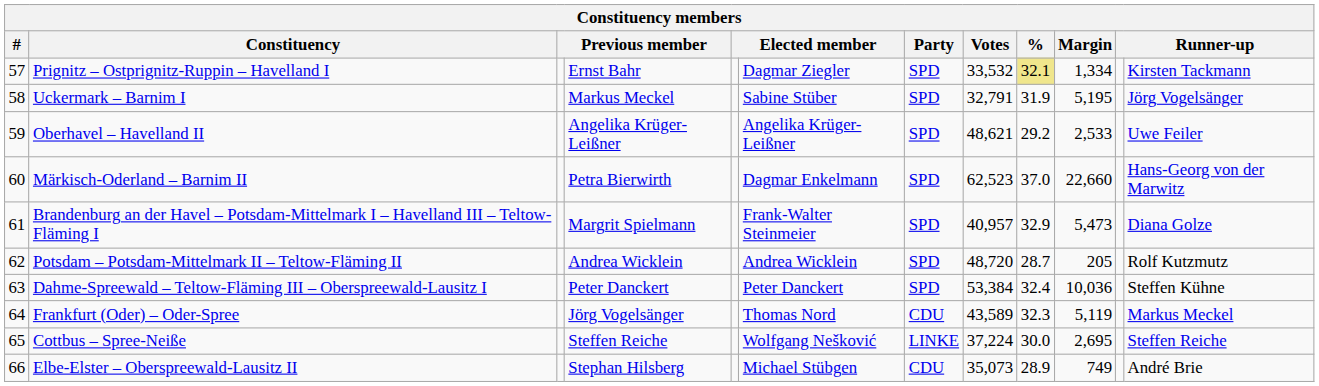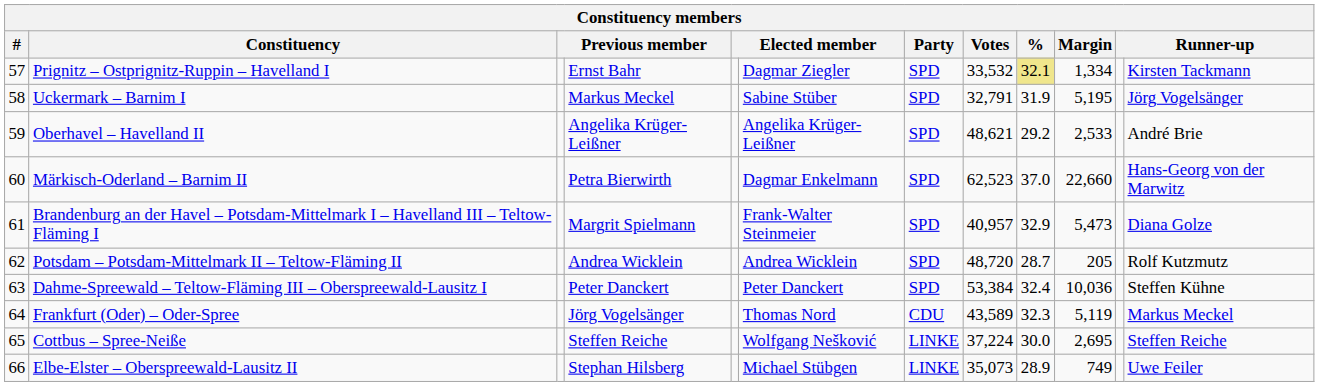 <table class="wikitable sortable" style="text-align:right">
 <tr>
 <th colspan="12">Constituency members</th>
 </tr>
 <tr>
 <th>#</th>
 <th>Constituency</th>
 <th colspan="2">Previous member</th>
 <th colspan="2">Elected member</th>
 <th>Party</th>
 <th>Votes</th>
 <th>%</th>
 <th>Margin</th>
 <th colspan="2">Runner-up</th>
 </tr>
 <tr>
 <td>57</td>
 <td align=left><a href='#'>Prignitz – Ostprignitz-Ruppin – Havelland I</a></td>
 <td bgcolor=></td>
 <td align=left><a href='#'>Ernst Bahr</a></td>
 <td bgcolor=></td>
 <td align=left><a href='#'>Dagmar Ziegler</a></td>
 <td align=left><a href='#'>SPD</a></td>
 <td>33,532</td>
 <td style="background: khaki;">32.1</td>
 <td>1,334</td>
 <td bgcolor=></td>
 <td align=left><a href='#'>Kirsten Tackmann</a></td>
 </tr>
 <tr>
 <td>58</td>
 <td align=left><a href='#'>Uckermark – Barnim I</a></td>
 <td bgcolor=></td>
 <td align=left><a href='#'>Markus Meckel</a></td>
 <td bgcolor=></td>
 <td align=left><a href='#'>Sabine Stüber</a></td>
 <td align="left"><a href='#'>SPD</a></td>
 <td>32,791</td>
 <td>31.9</td>
 <td>5,195</td>
 <td bgcolor=></td>
 <td align=left><a href='#'>Jörg Vogelsänger</a></td>
 </tr>
 <tr>
 <td>59</td>
 <td align=left><a href='#'>Oberhavel – Havelland II</a></td>
 <td bgcolor=></td>
 <td align=left><a href='#'>Angelika Krüger-Leißner</a></td>
 <td></td>
 <td align=left><a href='#'>Angelika Krüger-Leißner</a></td>
 <td align="left"><a href='#'>SPD</a></td>
 <td>48,621</td>
 <td>29.2</td>
 <td>2,533</td>
 <td bgcolor=></td>
-<td align=left><a href='#'>Uwe Feiler</a></td>
+<td align=left>André Brie</td>
 </tr>
 <tr>
 <td>60</td>
 <td align=left><a href='#'>Märkisch-Oderland – Barnim II</a></td>
 <td bgcolor=></td>
 <td align=left><a href='#'>Petra Bierwirth</a></td>
 <td bgcolor=></td>
 <td align=left><a href='#'>Dagmar Enkelmann</a></td>
 <td align=left><a href='#'>SPD</a></td>
 <td>62,523</td>
 <td>37.0</td>
 <td>22,660</td>
 <td bgcolor=></td>
 <td align=left><a href='#'>Hans-Georg von der Marwitz</a></td>
 </tr>
 <tr>
 <td>61</td>
 <td align=left><a href='#'>Brandenburg an der Havel – Potsdam-Mittelmark I – Havelland III – Teltow-Fläming I</a></td>
 <td bgcolor=></td>
 <td align=left><a href='#'>Margrit Spielmann</a></td>
 <td></td>
 <td align=left><a href='#'>Frank-Walter Steinmeier</a></td>
 <td align=left><a href='#'>SPD</a></td>
 <td>40,957</td>
 <td>32.9</td>
 <td>5,473</td>
 <td bgcolor=></td>
 <td align=left><a href='#'>Diana Golze</a></td>
 </tr>
 <tr>
 <td>62</td>
 <td align=left><a href='#'>Potsdam – Potsdam-Mittelmark II – Teltow-Fläming II</a></td>
 <td bgcolor=></td>
 <td align=left><a href='#'>Andrea Wicklein</a></td>
 <td></td>
 <td align=left><a href='#'>Andrea Wicklein</a></td>
 <td align="left"><a href='#'>SPD</a></td>
 <td>48,720</td>
 <td>28.7</td>
 <td>205</td>
 <td bgcolor=></td>
 <td align=left>Rolf Kutzmutz</td>
 </tr>
 <tr>
 <td>63</td>
 <td align=left><a href='#'>Dahme-Spreewald – Teltow-Fläming III – Oberspreewald-Lausitz I</a></td>
 <td bgcolor=></td>
 <td align=left><a href='#'>Peter Danckert</a></td>
 <td bgcolor=></td>
 <td align=left><a href='#'>Peter Danckert</a></td>
 <td align=left><a href='#'>SPD</a></td>
 <td>53,384</td>
 <td>32.4</td>
 <td>10,036</td>
 <td bgcolor=></td>
 <td align=left>Steffen Kühne</td>
 </tr>
 <tr>
 <td>64</td>
 <td align=left><a href='#'>Frankfurt (Oder) – Oder-Spree</a></td>
 <td bgcolor=></td>
 <td align=left><a href='#'>Jörg Vogelsänger</a></td>
 <td></td>
 <td align=left><a href='#'>Thomas Nord</a></td>
 <td align="left"><a href='#'>CDU</a></td>
 <td>43,589</td>
 <td>32.3</td>
 <td>5,119</td>
 <td bgcolor=></td>
 <td align=left><a href='#'>Markus Meckel</a></td>
 </tr>
 <tr>
 <td>65</td>
 <td align=left><a href='#'>Cottbus – Spree-Neiße</a></td>
 <td bgcolor=></td>
 <td align=left><a href='#'>Steffen Reiche</a></td>
 <td bgcolor=></td>
 <td align=left><a href='#'>Wolfgang Nešković</a></td>
 <td align=left><a href='#'>LINKE</a></td>
 <td>37,224</td>
 <td>30.0</td>
 <td>2,695</td>
 <td bgcolor=></td>
 <td align=left><a href='#'>Steffen Reiche</a></td>
 </tr>
 <tr>
 <td>66</td>
 <td align=left><a href='#'>Elbe-Elster – Oberspreewald-Lausitz II</a></td>
 <td bgcolor=></td>
 <td align=left><a href='#'>Stephan Hilsberg</a></td>
 <td></td>
 <td align=left><a href='#'>Michael Stübgen</a></td>
-<td align="left"><a href='#'>CDU</a></td>
+<td align=left><a href='#'>LINKE</a></td>
 <td>35,073</td>
 <td>28.9</td>
 <td>749</td>
 <td bgcolor=></td>
-<td align=left>André Brie</td>
+<td align=left><a href='#'>Uwe Feiler</a></td>
 </tr>
 </table>
